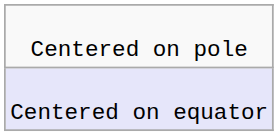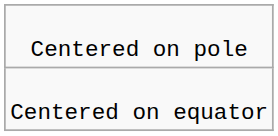 <table class=wikitable>
 <tr align=center>
 <td><br>Centered on pole</td>
 </tr>
 <tr align=center>
-<td style="background: lavender;"><br>Centered on equator</td>
+<td><br>Centered on equator</td>
 </tr>
 </table>
